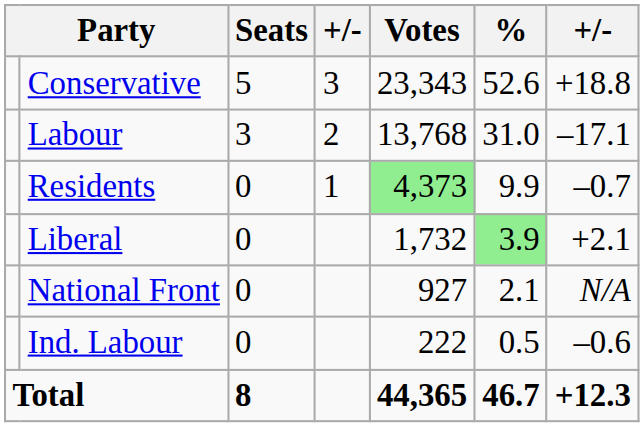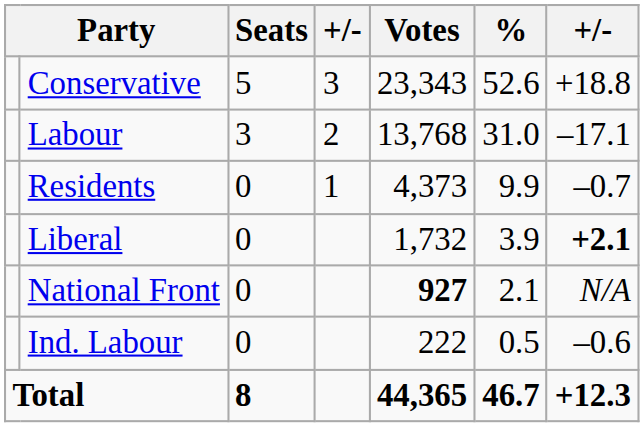 <table class="wikitable sortable">
 <tr>
 <th colspan="2">Party</th>
 <th>Seats</th>
 <th>+/-</th>
 <th>Votes</th>
 <th>%</th>
 <th>+/-</th>
 </tr>
 <tr>
 <td style="background-color: "></td>
 <td><a href='#'>Conservative</a></td>
 <td>5</td>
 <td> 3</td>
 <td style="text-align:right;">23,343</td>
 <td style="text-align:right;">52.6</td>
 <td style="text-align:right;">+18.8</td>
 </tr>
 <tr>
 <td style="background-color: "></td>
 <td><a href='#'>Labour</a></td>
 <td>3</td>
 <td> 2</td>
 <td style="text-align:right;">13,768</td>
 <td style="text-align:right;">31.0</td>
 <td style="text-align:right;">–17.1</td>
 </tr>
 <tr>
 <td style="background-color: "></td>
 <td><a href='#'>Residents</a></td>
 <td>0</td>
 <td> 1</td>
-<td style="background: lightgreen; text-align:right;">4,373</td>
+<td style="text-align:right;">4,373</td>
 <td style="text-align:right;">9.9</td>
 <td style="text-align:right;">–0.7</td>
 </tr>
 <tr>
 <td style="background-color: "></td>
 <td><a href='#'>Liberal</a></td>
 <td>0</td>
 <td></td>
 <td style="text-align:right;">1,732</td>
-<td style="background: lightgreen; text-align:right;">3.9</td>
-<td style="text-align:right;">+2.1</td>
+<td style="text-align:right;">3.9</td>
+<td style="text-align:right;"><strong>+2.1</strong></td>
 </tr>
 <tr>
 <td style="background-color: "></td>
 <td><a href='#'>National Front</a></td>
 <td>0</td>
 <td></td>
-<td style="text-align:right;">927</td>
+<td style="text-align:right;"><strong>927</strong></td>
 <td style="text-align:right;">2.1</td>
 <td style="text-align:right;"><em>N/A</em></td>
 </tr>
 <tr>
 <td style="background-color: "></td>
 <td><a href='#'>Ind. Labour</a></td>
 <td>0</td>
 <td></td>
 <td style="text-align:right;">222</td>
 <td style="text-align:right;">0.5</td>
 <td style="text-align:right;">–0.6</td>
 </tr>
 <tr>
 <td colspan="2"><strong>Total</strong></td>
 <td><strong>8</strong></td>
 <td></td>
 <td style="text-align:right;"><strong>44,365</strong></td>
 <td style="text-align:right;"><strong>46.7</strong></td>
 <td><strong>+12.3</strong></td>
 </tr>
 </table>
